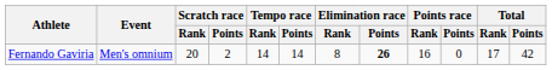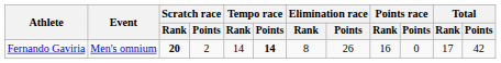 <table class=wikitable style=font-size:90%;text-align:center>
 <tr>
 <th rowspan=2>Athlete</th>
 <th rowspan=2>Event</th>
 <th colspan=2>Scratch race</th>
 <th colspan=2>Tempo race</th>
 <th colspan=2>Elimination race</th>
 <th colspan=2>Points race</th>
 <th colspan=2>Total</th>
 </tr>
 <tr style=font-size:95%>
 <th>Rank</th>
 <th>Points</th>
 <th>Rank</th>
 <th>Points</th>
 <th>Rank</th>
 <th>Points</th>
 <th>Rank</th>
 <th>Points</th>
 <th>Rank</th>
 <th>Points</th>
 </tr>
 <tr>
 <td align=left><a href='#'>Fernando Gaviria</a></td>
 <td align=left><a href='#'>Men's omnium</a></td>
-<td>20</td>
+<td><strong>20</strong></td>
 <td>2</td>
 <td>14</td>
-<td>14</td>
+<td><strong>14</strong></td>
 <td>8</td>
-<td><strong>26</strong></td>
+<td>26</td>
 <td>16</td>
 <td>0</td>
 <td>17</td>
 <td>42</td>
 </tr>
 </table>
